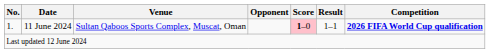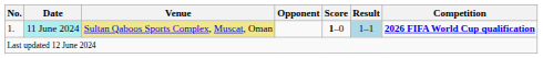 <table class="wikitable" style="font-size:85%;">
 <tr>
 <th>No.</th>
 <th>Date</th>
 <th>Venue</th>
 <th>Opponent</th>
 <th>Score</th>
 <th>Result</th>
 <th>Competition</th>
 </tr>
 <tr>
 <td>1.</td>
-<td>11 June 2024</td>
-<td><a href='#'>Sultan Qaboos Sports Complex</a>, <a href='#'>Muscat</a>, Oman</td>
+<td style="background: paleturquoise;">11 June 2024</td>
+<td style="background: khaki;"><a href='#'>Sultan Qaboos Sports Complex</a>, <a href='#'>Muscat</a>, Oman</td>
 <td></td>
-<td align=center style="background: pink;"><strong>1</strong>–0</td>
-<td align=center>1–1</td>
+<td align=center><strong>1</strong>–0</td>
+<td align=center style="background: lightblue;">1–1</td>
 <td><strong><a href='#'>2026 FIFA World Cup qualification</a></strong></td>
 </tr>
 <tr>
 <td colspan="7"><small>Last updated 12 June 2024</small></td>
 </tr>
 </table>
